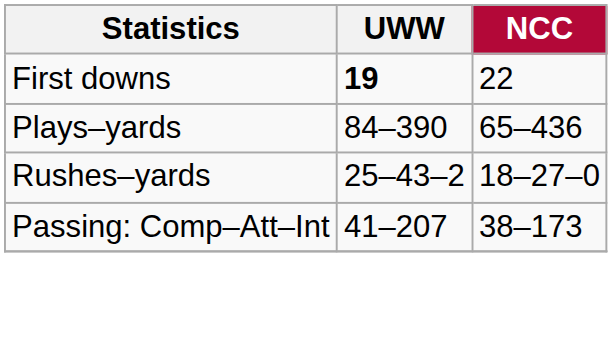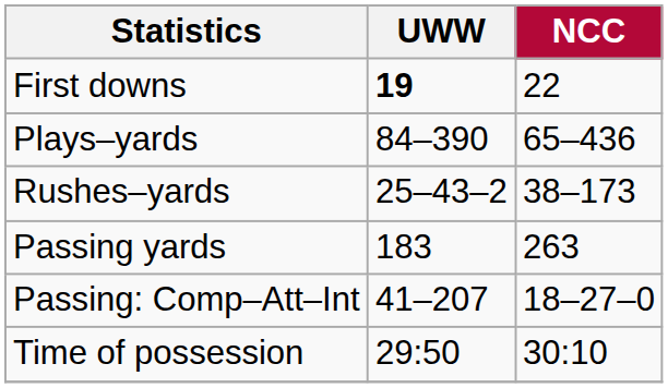 <table class="wikitable" style="float: left;">
 <tr>
 <th>Statistics</th>
 <th>UWW</th>
 <th style="background:#b30838; color:#ffffff">NCC</th>
 </tr>
 <tr>
 <td>First downs</td>
 <td><strong>19</strong></td>
 <td>22</td>
 </tr>
 <tr>
 <td>Plays–yards</td>
 <td>84–390</td>
 <td>65–436</td>
 </tr>
 <tr>
 <td>Rushes–yards</td>
 <td>25–43–2</td>
-<td>18–27–0</td>
+<td>38–173</td>
+</tr>
+<tr>
+<td>Passing yards</td>
+<td>183</td>
+<td>263</td>
 </tr>
 <tr>
 <td>Passing: Comp–Att–Int</td>
 <td>41–207</td>
-<td>38–173</td>
+<td>18–27–0</td>
+</tr>
+<tr>
+<td>Time of possession</td>
+<td>29:50</td>
+<td>30:10</td>
 </tr>
 <tr>
 </tr>
 </table>
